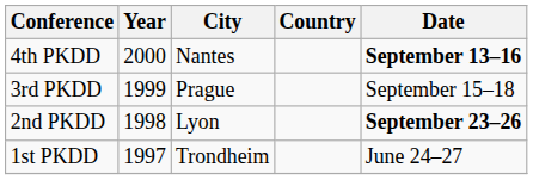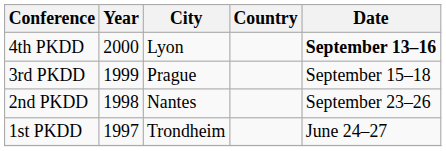 <table class="wikitable" border="1">
 <tr>
 <th>Conference</th>
 <th>Year</th>
 <th>City</th>
 <th>Country</th>
 <th>Date</th>
 </tr>
 <tr>
 <td>4th PKDD</td>
 <td>2000</td>
-<td>Nantes</td>
+<td>Lyon</td>
 <td></td>
 <td><strong>September 13–16</strong></td>
 </tr>
 <tr>
 <td>3rd PKDD</td>
 <td>1999</td>
 <td>Prague</td>
 <td></td>
 <td>September 15–18</td>
 </tr>
 <tr>
 <td>2nd PKDD</td>
 <td>1998</td>
-<td>Lyon</td>
+<td>Nantes</td>
 <td></td>
-<td><strong>September 23–26</strong></td>
+<td>September 23–26</td>
 </tr>
 <tr>
 <td>1st PKDD</td>
 <td>1997</td>
 <td>Trondheim</td>
 <td></td>
 <td>June 24–27</td>
 </tr>
 <tr>
 </tr>
 </table>
